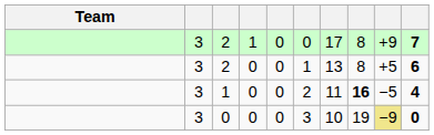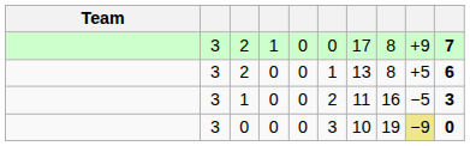 <table class="wikitable" style="text-align: center;">
 <tr>
 <th width="175">Team</th>
 <th width="20"></th>
 <th width="20"></th>
 <th width="20"></th>
 <th width="20"></th>
 <th width="20"></th>
 <th width="20"></th>
 <th width="20"></th>
 <th width="20"></th>
 <th width="20"></th>
 </tr>
 <tr bgcolor=#ccffcc>
 <td align=left></td>
 <td>3</td>
 <td>2</td>
 <td>1</td>
 <td>0</td>
 <td>0</td>
 <td>17</td>
 <td>8</td>
 <td>+9</td>
 <td><strong>7</strong></td>
 </tr>
 <tr>
 <td align=left></td>
 <td>3</td>
 <td>2</td>
 <td>0</td>
 <td>0</td>
 <td>1</td>
 <td>13</td>
 <td>8</td>
 <td>+5</td>
 <td><strong>6</strong></td>
 </tr>
 <tr>
 <td align=left></td>
 <td>3</td>
 <td>1</td>
 <td>0</td>
 <td>0</td>
 <td>2</td>
 <td>11</td>
-<td><strong>16</strong></td>
+<td>16</td>
 <td>−5</td>
-<td><strong>4</strong></td>
+<td><strong>3</strong></td>
 </tr>
 <tr>
 <td align=left></td>
 <td>3</td>
 <td>0</td>
 <td>0</td>
 <td>0</td>
 <td>3</td>
 <td>10</td>
 <td>19</td>
 <td style="background: khaki;">−9</td>
 <td><strong>0</strong></td>
 </tr>
 </table>
